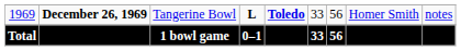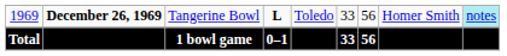 <table class="wikitable">
 <tr>
 </tr>
 <tr align=center>
 <td><a href='#'>1969</a></td>
 <td><strong>December 26, 1969</strong></td>
 <td><a href='#'>Tangerine Bowl</a></td>
 <td><strong>L</strong></td>
-<td><strong><a href='#'>Toledo</a></strong></td>
+<td><a href='#'>Toledo</a></td>
 <td>33</td>
 <td>56</td>
 <td><a href='#'>Homer Smith</a></td>
-<td><a href='#'>notes</a></td>
+<td style="background: paleturquoise;"><a href='#'>notes</a></td>
 </tr>
 <tr align=center>
 </tr>
 <tr style="background: black; color: white" align=center>
 <td><strong>Total</strong></td>
 <td></td>
 <td><strong>1 bowl game</strong></td>
 <td><strong>0–1</strong></td>
 <td></td>
 <td><strong>33</strong></td>
 <td><strong>56</strong></td>
 <td></td>
 <td></td>
 </tr>
 </table>
